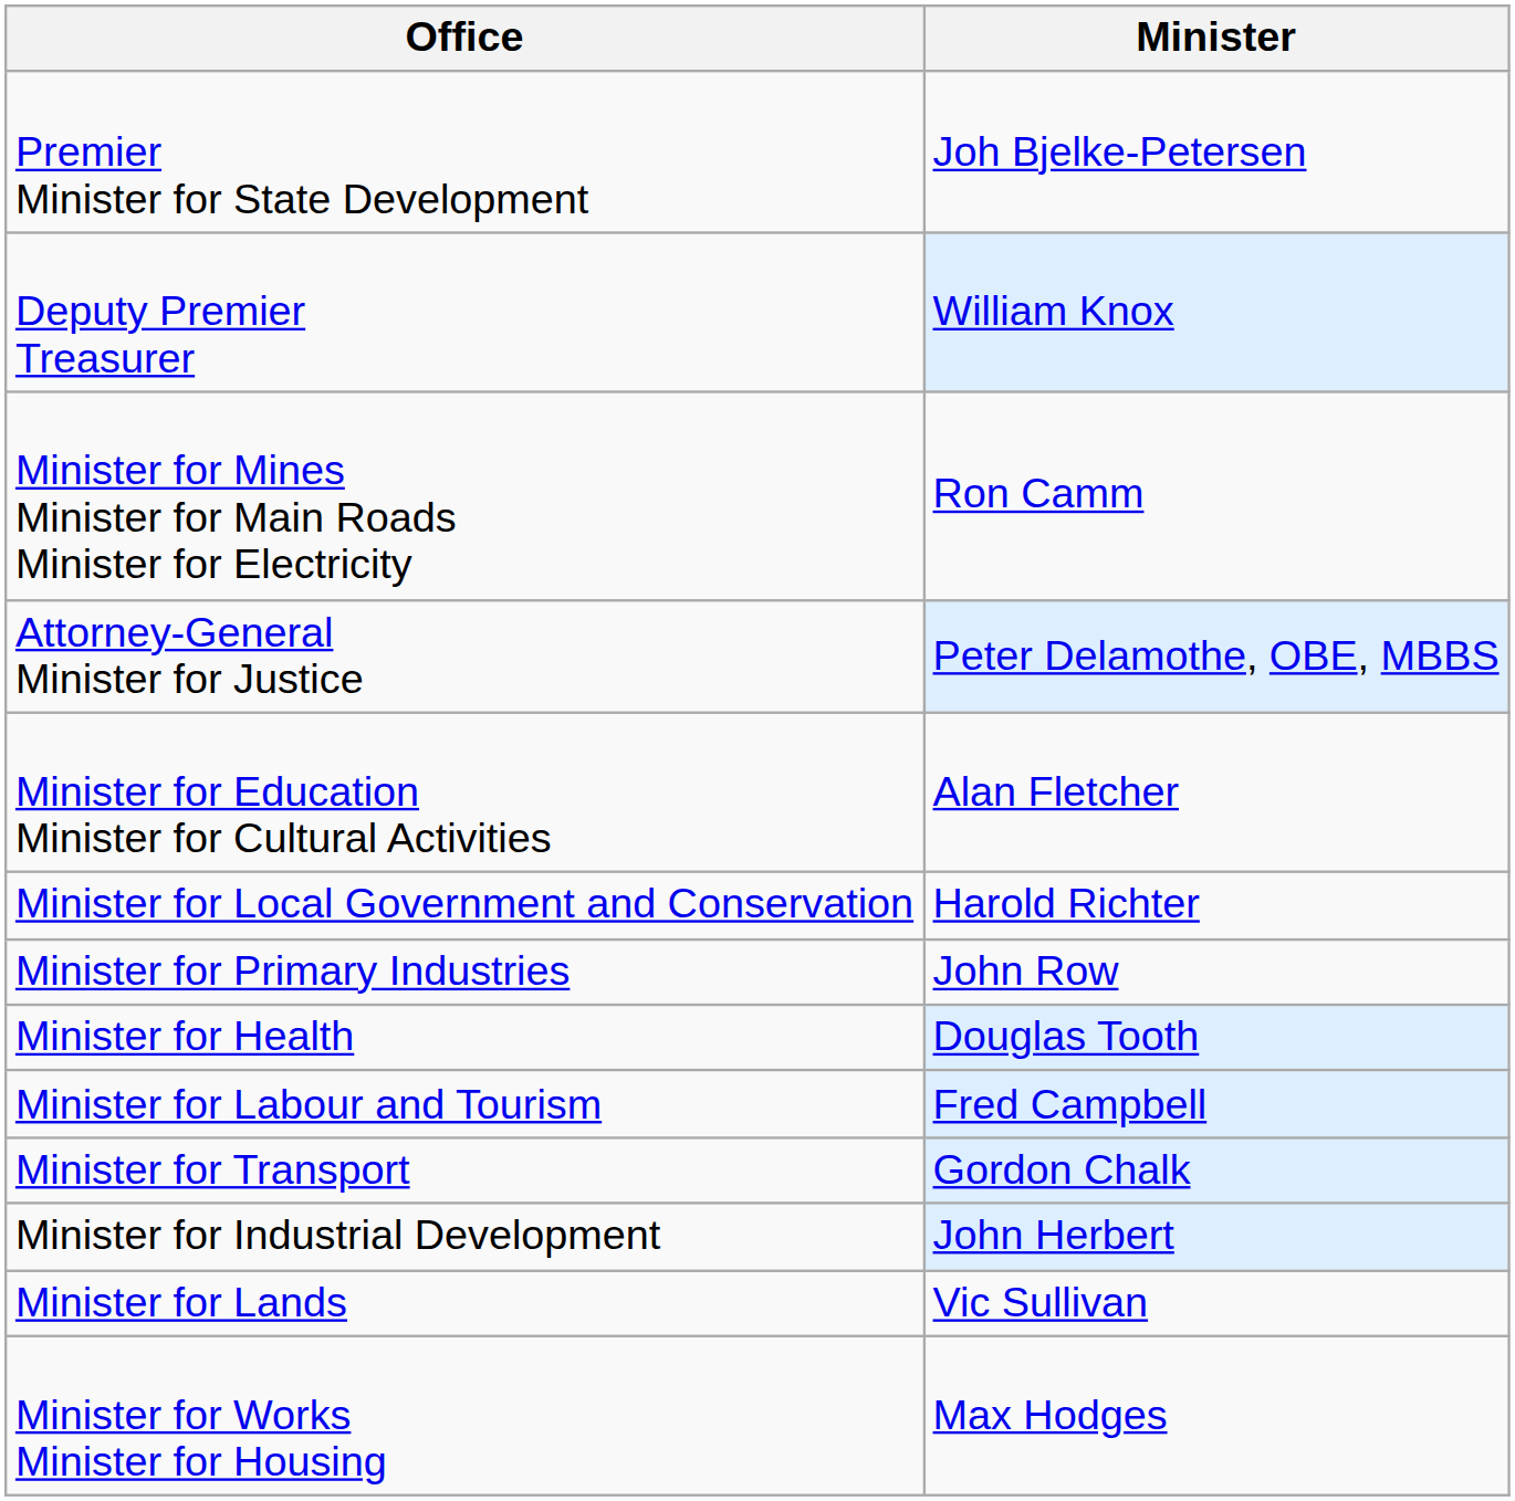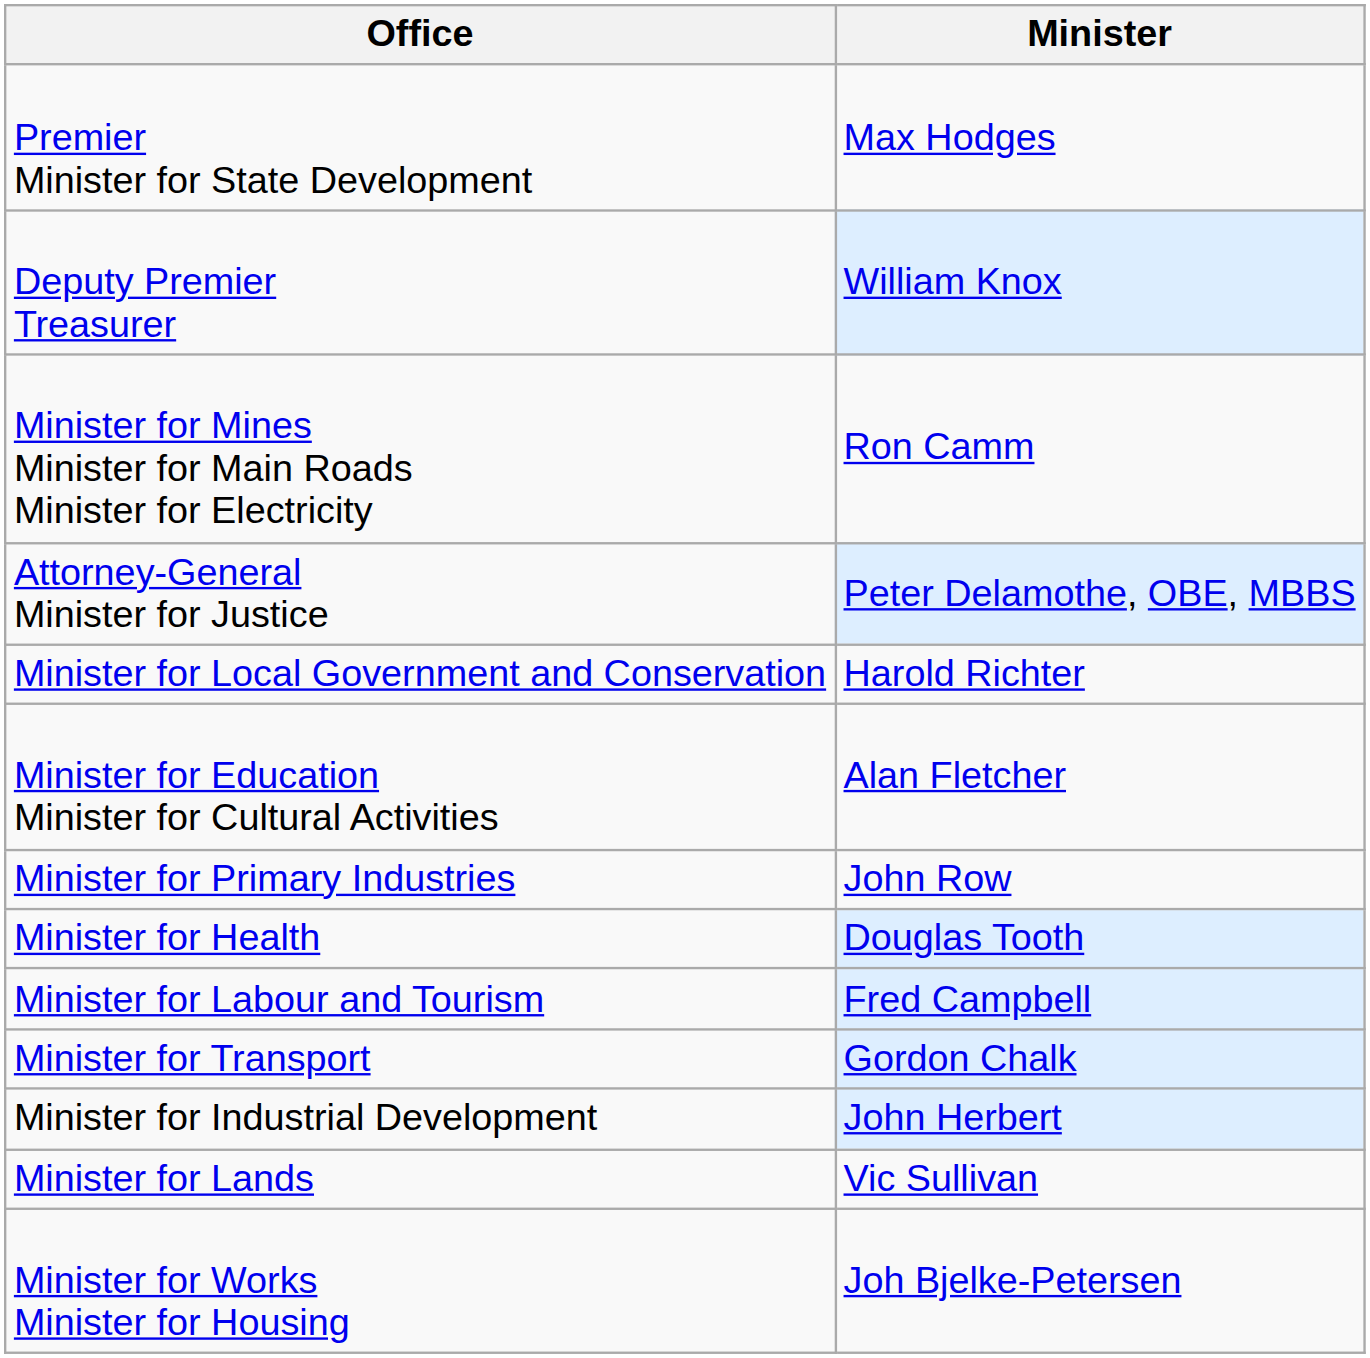 <table class="wikitable">
 <tr>
 <th>Office</th>
 <th>Minister</th>
 </tr>
 <tr>
 <td><br><a href='#'>Premier</a><br> Minister for State Development</td>
-<td><a href='#'>Joh Bjelke-Petersen</a></td>
+<td><a href='#'>Max Hodges</a></td>
 </tr>
 <tr>
 <td><br><a href='#'>Deputy Premier</a><br> <a href='#'>Treasurer</a><br></td>
 <td style="background:#DDEEFF"><a href='#'>William Knox</a></td>
 </tr>
 <tr>
 <td><br><a href='#'>Minister for Mines</a><br> Minister for Main Roads<br> Minister for Electricity</td>
 <td><a href='#'>Ron Camm</a></td>
 </tr>
 <tr>
 <td><a href='#'>Attorney-General</a><br>Minister for Justice</td>
 <td style="background:#DDEEFF"><a href='#'>Peter Delamothe</a>, <a href='#'>OBE</a>, <a href='#'>MBBS</a></td>
 </tr>
 <tr>
+<td><a href='#'>Minister for Local Government and Conservation</a></td>
+<td><a href='#'>Harold Richter</a></td>
+</tr>
+<tr>
 <td><br><a href='#'>Minister for Education</a><br> Minister for Cultural Activities</td>
 <td><a href='#'>Alan Fletcher</a></td>
-</tr>
-<tr>
-<td><a href='#'>Minister for Local Government and Conservation</a></td>
-<td><a href='#'>Harold Richter</a></td>
 </tr>
 <tr>
 <td><a href='#'>Minister for Primary Industries</a></td>
 <td><a href='#'>John Row</a></td>
 </tr>
 <tr>
 <td><a href='#'>Minister for Health</a></td>
 <td style="background:#DDEEFF"><a href='#'>Douglas Tooth</a></td>
 </tr>
 <tr>
 <td><a href='#'>Minister for Labour and Tourism</a></td>
 <td style="background:#DDEEFF"><a href='#'>Fred Campbell</a></td>
 </tr>
 <tr>
 <td><a href='#'>Minister for Transport</a></td>
 <td style="background:#DDEEFF"><a href='#'>Gordon Chalk</a></td>
 </tr>
 <tr>
 <td>Minister for Industrial Development</td>
 <td style="background:#DDEEFF"><a href='#'>John Herbert</a></td>
 </tr>
 <tr>
 <td><a href='#'>Minister for Lands</a></td>
 <td><a href='#'>Vic Sullivan</a></td>
 </tr>
 <tr>
 <td><br><a href='#'>Minister for Works</a><br> <a href='#'>Minister for Housing</a></td>
-<td><a href='#'>Max Hodges</a></td>
+<td><a href='#'>Joh Bjelke-Petersen</a></td>
 </tr>
 </table>
